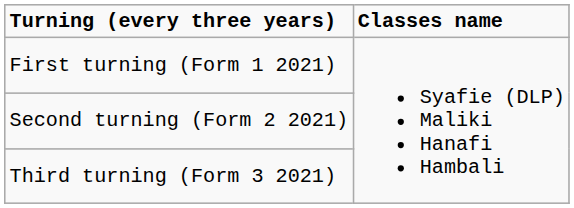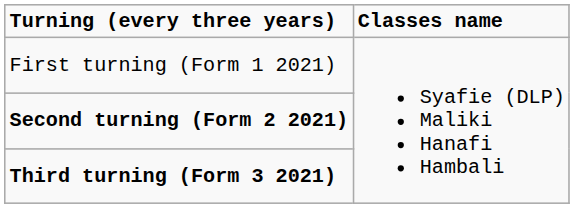 <table class="wikitable">
 <tr>
 <td><strong>Turning (every three years)</strong></td>
 <td><strong>Classes name</strong></td>
 </tr>
 <tr>
 <td>First turning (Form 1 2021)</td>
 <td rowspan="3"><br><ul><li>Syafie (DLP)</li><li>Maliki</li><li>Hanafi</li><li>Hambali</li></ul></td>
 </tr>
 <tr>
-<td>Second turning (Form 2 2021)</td>
+<td><strong>Second turning (Form 2 2021)</strong></td>
 </tr>
 <tr>
-<td>Third turning (Form 3 2021)</td>
+<td><strong>Third turning (Form 3 2021)</strong></td>
 </tr>
 </table>
